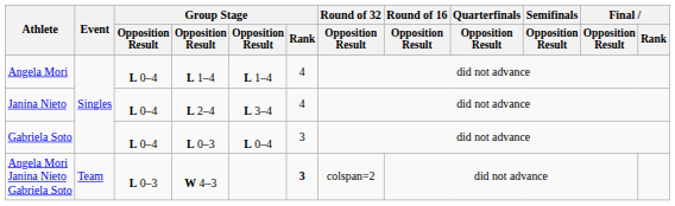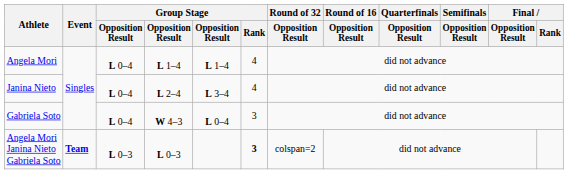 <table class="wikitable" style="font-size:90%">
 <tr>
 <th rowspan=2>Athlete</th>
 <th rowspan=2>Event</th>
 <th colspan=4>Group Stage</th>
 <th>Round of 32</th>
 <th>Round of 16</th>
 <th>Quarterfinals</th>
 <th>Semifinals</th>
 <th colspan=2>Final / </th>
 </tr>
 <tr style="font-size:95%">
 <th>Opposition<br>Result</th>
 <th>Opposition<br>Result</th>
 <th>Opposition<br>Result</th>
 <th>Rank</th>
 <th>Opposition<br>Result</th>
 <th>Opposition<br>Result</th>
 <th>Opposition<br>Result</th>
 <th>Opposition<br>Result</th>
 <th>Opposition<br>Result</th>
 <th>Rank</th>
 </tr>
 <tr align=center>
 <td align=left><a href='#'>Angela Mori</a></td>
 <td align=left rowspan=3><a href='#'>Singles</a></td>
 <td><br><strong>L</strong> 0–4</td>
 <td><br><strong>L</strong> 1–4</td>
 <td><br><strong>L</strong> 1–4</td>
 <td>4</td>
 <td colspan=6>did not advance</td>
 </tr>
 <tr align=center>
 <td align=left><a href='#'>Janina Nieto</a></td>
 <td><br><strong>L</strong> 0–4</td>
 <td><br><strong>L</strong> 2–4</td>
 <td><br><strong>L</strong> 3–4</td>
 <td>4</td>
 <td colspan=6>did not advance</td>
 </tr>
 <tr align=center>
 <td align=left><a href='#'>Gabriela Soto</a></td>
 <td><br><strong>L</strong> 0–4</td>
-<td><br><strong>L</strong> 0–3</td>
+<td><br><strong>W</strong> 4–3</td>
 <td><br><strong>L</strong> 0–4</td>
 <td>3</td>
 <td colspan=6>did not advance</td>
 </tr>
 <tr align=center>
 <td align=left><a href='#'>Angela Mori</a><br><a href='#'>Janina Nieto</a><br><a href='#'>Gabriela Soto</a></td>
-<td align=left><a href='#'>Team</a></td>
+<td align=left><strong><a href='#'>Team</a></strong></td>
 <td><br><strong>L</strong> 0–3</td>
-<td><br><strong>W</strong> 4–3</td>
+<td><br><strong>L</strong> 0–3</td>
 <td></td>
 <td><strong>3</strong></td>
 <td>colspan=2 </td>
 <td colspan=4>did not advance</td>
 </tr>
 </table>
